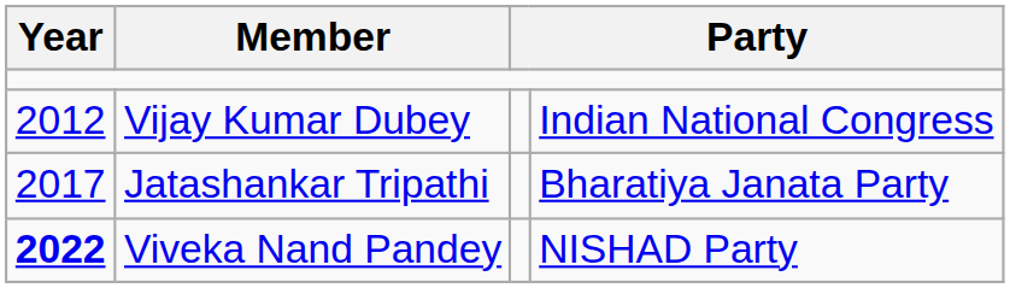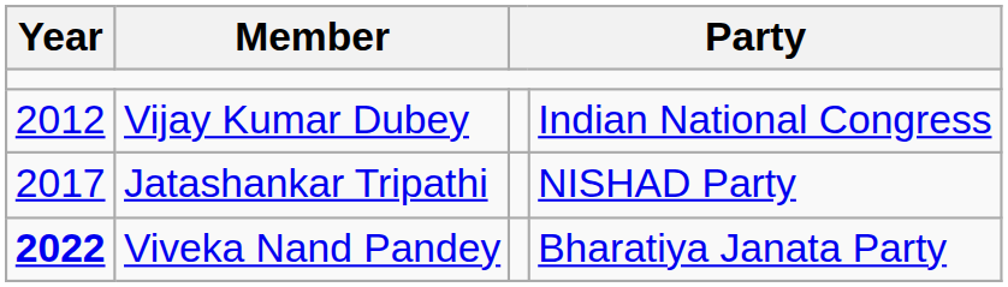 <table class="wikitable">
 <tr>
 <th>Year</th>
 <th>Member</th>
 <th colspan="2">Party</th>
 </tr>
 <tr>
 <td colspan="4"></td>
 </tr>
 <tr>
 <td><a href='#'>2012</a></td>
 <td><a href='#'>Vijay Kumar Dubey</a></td>
 <td style="background-color: "></td>
 <td><a href='#'>Indian National Congress</a></td>
 </tr>
 <tr>
 <td><a href='#'>2017</a></td>
 <td><a href='#'>Jatashankar Tripathi</a></td>
 <td style="background-color: "></td>
-<td><a href='#'>Bharatiya Janata Party</a></td>
+<td><a href='#'>NISHAD Party</a></td>
 </tr>
 <tr>
 <td><strong><a href='#'>2022</a></strong></td>
 <td><a href='#'>Viveka Nand Pandey</a></td>
 <td style="background-color: "></td>
-<td><a href='#'>NISHAD Party</a></td>
+<td><a href='#'>Bharatiya Janata Party</a></td>
 </tr>
 </table>
